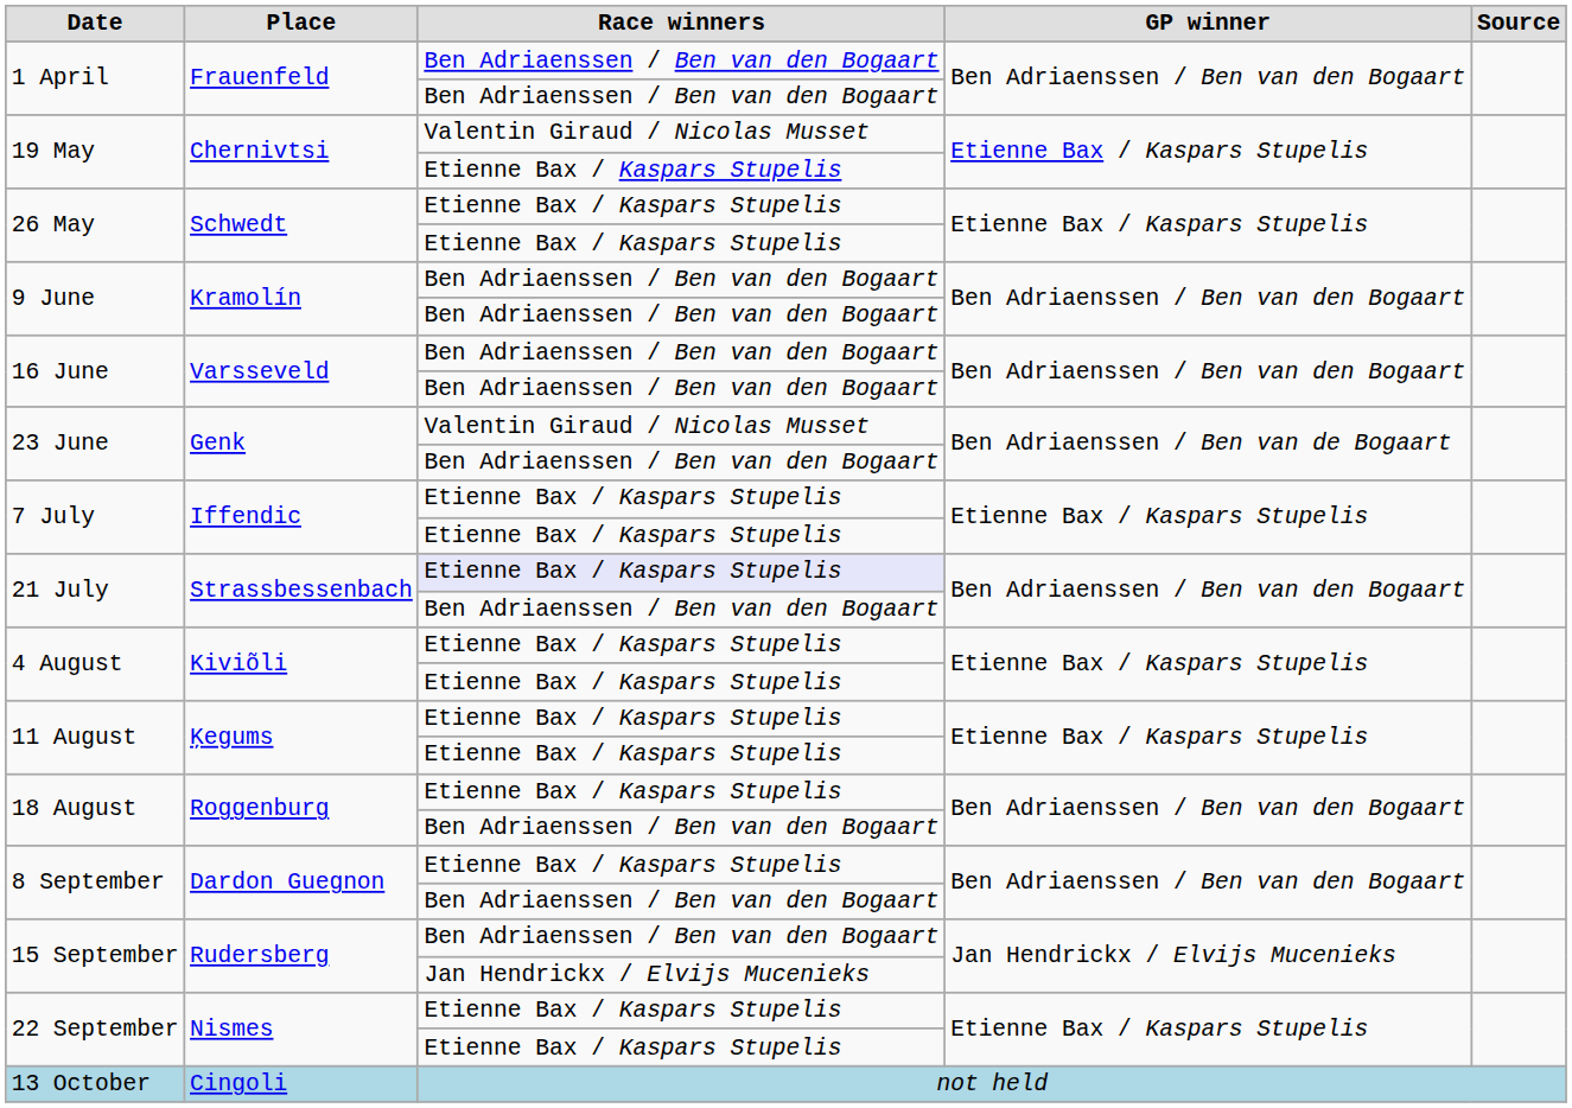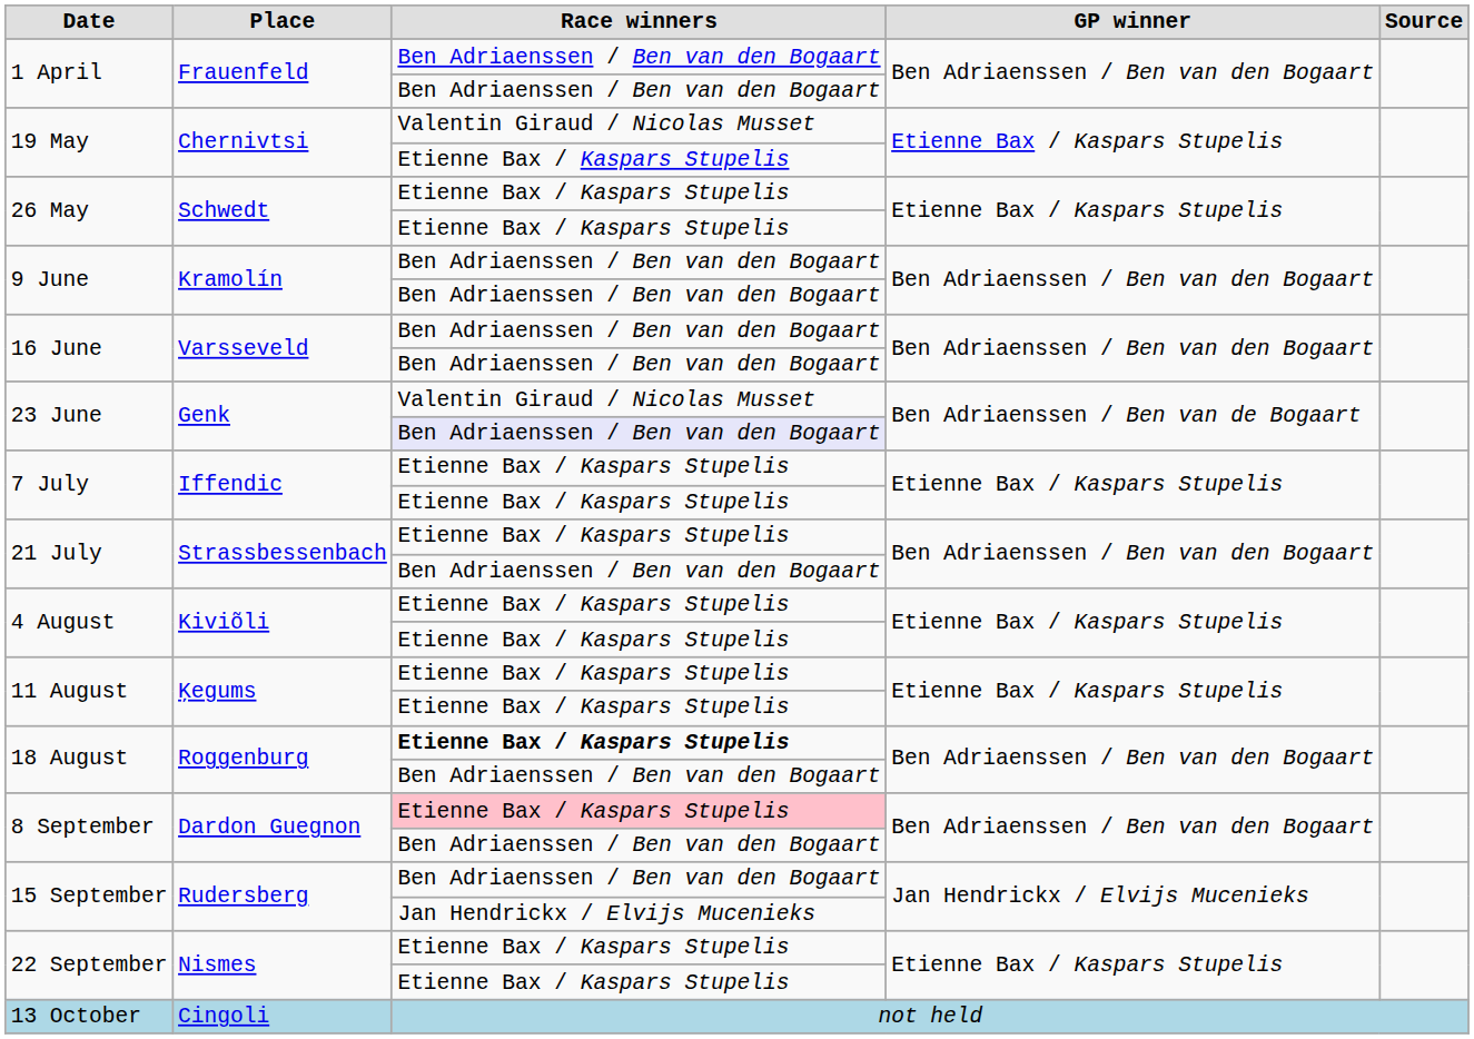 <table class="wikitable" style="font-size: 85%;">
 <tr align="center" style="background:#dfdfdf;">
 <td><strong>Date</strong></td>
 <td><strong>Place</strong></td>
 <td><strong>Race winners</strong></td>
 <td><strong>GP winner</strong></td>
 <td><strong>Source</strong></td>
 </tr>
 <tr>
 <td rowspan=2>1 April</td>
 <td rowspan=2> <a href='#'>Frauenfeld</a></td>
 <td> <a href='#'>Ben Adriaenssen</a> / <em><a href='#'>Ben van den Bogaart</a></em></td>
 <td rowspan=2> Ben Adriaenssen / <em>Ben van den Bogaart</em></td>
 <td rowspan=2></td>
 </tr>
 <tr>
 <td> Ben Adriaenssen / <em>Ben van den Bogaart</em></td>
 </tr>
 <tr>
 <td rowspan=2>19 May</td>
 <td rowspan=2> <a href='#'>Chernivtsi</a></td>
 <td> Valentin Giraud / <em>Nicolas Musset</em></td>
 <td rowspan=2> <a href='#'>Etienne Bax</a> / <em>Kaspars Stupelis</em></td>
 <td rowspan=2></td>
 </tr>
 <tr>
 <td> Etienne Bax / <em><a href='#'>Kaspars Stupelis</a></em></td>
 </tr>
 <tr>
 <td rowspan=2>26 May</td>
 <td rowspan=2> <a href='#'>Schwedt</a></td>
 <td> Etienne Bax / <em>Kaspars Stupelis</em></td>
 <td rowspan=2> Etienne Bax / <em>Kaspars Stupelis</em></td>
 <td rowspan=2></td>
 </tr>
 <tr>
 <td> Etienne Bax / <em>Kaspars Stupelis</em></td>
 </tr>
 <tr>
 <td rowspan=2>9 June</td>
 <td rowspan=2> <a href='#'>Kramolín</a></td>
 <td> Ben Adriaenssen / <em>Ben van den Bogaart</em></td>
 <td rowspan=2> Ben Adriaenssen / <em>Ben van den Bogaart</em></td>
 <td rowspan=2></td>
 </tr>
 <tr>
 <td> Ben Adriaenssen / <em>Ben van den Bogaart</em></td>
 </tr>
 <tr>
 <td rowspan=2>16 June</td>
 <td rowspan=2> <a href='#'>Varsseveld</a></td>
 <td> Ben Adriaenssen / <em>Ben van den Bogaart</em></td>
 <td rowspan=2> Ben Adriaenssen / <em>Ben van den Bogaart</em></td>
 <td rowspan=2></td>
 </tr>
 <tr>
 <td> Ben Adriaenssen / <em>Ben van den Bogaart</em></td>
 </tr>
 <tr>
 <td rowspan=2>23 June</td>
 <td rowspan=2> <a href='#'>Genk</a></td>
 <td> Valentin Giraud / <em>Nicolas Musset</em></td>
 <td rowspan=2> Ben Adriaenssen / <em>Ben van de Bogaart</em></td>
 <td rowspan=2></td>
 </tr>
 <tr>
-<td> Ben Adriaenssen / <em>Ben van den Bogaart</em></td>
+<td style="background: lavender;"> Ben Adriaenssen / <em>Ben van den Bogaart</em></td>
 </tr>
 <tr>
 <td rowspan=2>7 July</td>
 <td rowspan=2> <a href='#'>Iffendic</a></td>
 <td> Etienne Bax / <em>Kaspars Stupelis</em></td>
 <td rowspan=2> Etienne Bax / <em>Kaspars Stupelis</em></td>
 <td rowspan=2></td>
 </tr>
 <tr>
 <td> Etienne Bax / <em>Kaspars Stupelis</em></td>
 </tr>
 <tr>
 <td rowspan=2>21 July</td>
 <td rowspan=2> <a href='#'>Strassbessenbach</a></td>
-<td style="background: lavender;"> Etienne Bax / <em>Kaspars Stupelis</em></td>
+<td> Etienne Bax / <em>Kaspars Stupelis</em></td>
 <td rowspan=2> Ben Adriaenssen / <em>Ben van den Bogaart</em></td>
 <td rowspan=2></td>
 </tr>
 <tr>
 <td> Ben Adriaenssen / <em>Ben van den Bogaart</em></td>
 </tr>
 <tr>
 <td rowspan=2>4 August</td>
 <td rowspan=2> <a href='#'>Kiviõli</a></td>
 <td> Etienne Bax / <em>Kaspars Stupelis</em></td>
 <td rowspan=2> Etienne Bax / <em>Kaspars Stupelis</em></td>
 <td rowspan=2></td>
 </tr>
 <tr>
 <td> Etienne Bax / <em>Kaspars Stupelis</em></td>
 </tr>
 <tr>
 <td rowspan=2>11 August</td>
 <td rowspan=2> <a href='#'>Ķegums</a></td>
 <td> Etienne Bax / <em>Kaspars Stupelis</em></td>
 <td rowspan=2> Etienne Bax / <em>Kaspars Stupelis</em></td>
 <td rowspan=2></td>
 </tr>
 <tr>
 <td> Etienne Bax / <em>Kaspars Stupelis</em></td>
 </tr>
 <tr>
 <td rowspan=2>18 August</td>
 <td rowspan=2> <a href='#'>Roggenburg</a></td>
-<td> Etienne Bax / <em>Kaspars Stupelis</em></td>
+<td><strong> Etienne Bax / <em>Kaspars Stupelis</em></strong></td>
 <td rowspan=2> Ben Adriaenssen / <em>Ben van den Bogaart</em></td>
 <td rowspan=2></td>
 </tr>
 <tr>
 <td> Ben Adriaenssen / <em>Ben van den Bogaart</em></td>
 </tr>
 <tr>
 <td rowspan=2>8 September</td>
 <td rowspan=2> <a href='#'>Dardon Guegnon</a></td>
-<td> Etienne Bax / <em>Kaspars Stupelis</em></td>
+<td style="background: pink;"> Etienne Bax / <em>Kaspars Stupelis</em></td>
 <td rowspan=2> Ben Adriaenssen / <em>Ben van den Bogaart</em></td>
 <td rowspan=2></td>
 </tr>
 <tr>
 <td> Ben Adriaenssen / <em>Ben van den Bogaart</em></td>
 </tr>
 <tr>
 <td rowspan=2>15 September</td>
 <td rowspan=2> <a href='#'>Rudersberg</a></td>
 <td> Ben Adriaenssen / <em>Ben van den Bogaart</em></td>
 <td rowspan=2> Jan Hendrickx / <em>Elvijs Mucenieks</em></td>
 <td rowspan=2></td>
 </tr>
 <tr>
 <td> Jan Hendrickx / <em>Elvijs Mucenieks</em></td>
 </tr>
 <tr>
 <td rowspan=2>22 September</td>
 <td rowspan=2> <a href='#'>Nismes</a></td>
 <td> Etienne Bax / <em>Kaspars Stupelis</em></td>
 <td rowspan=2> Etienne Bax / <em>Kaspars Stupelis</em></td>
 <td rowspan=2></td>
 </tr>
 <tr>
 <td> Etienne Bax / <em>Kaspars Stupelis</em></td>
 </tr>
 <tr style="background:lightblue;">
 <td rowspan=2>13 October</td>
 <td rowspan=2> <a href='#'>Cingoli</a></td>
 <td colspan=3 align="center"><em>not held</em></td>
 </tr>
 </table>
